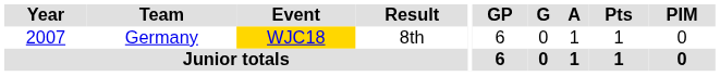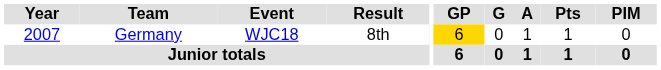 <table border="0" cellpadding="1" cellspacing="0" ID="Table3" style="text-align:center; width:40em">
 <tr ALIGN="center" bgcolor="#e0e0e0">
 <th>Year</th>
 <th>Team</th>
 <th>Event</th>
 <th>Result</th>
 <th rowspan="99" bgcolor="#ffffff"></th>
 <th>GP</th>
 <th>G</th>
 <th>A</th>
 <th>Pts</th>
 <th>PIM</th>
 </tr>
 <tr ALIGN="center">
 <td><a href='#'>2007</a></td>
 <td><a href='#'>Germany</a></td>
-<td style="background: gold;"><a href='#'>WJC18</a></td>
+<td><a href='#'>WJC18</a></td>
 <td>8th</td>
-<td>6</td>
+<td style="background: gold;">6</td>
 <td>0</td>
 <td>1</td>
 <td>1</td>
 <td>0</td>
 </tr>
 <tr bgcolor="#e0e0e0">
 <th colspan="4">Junior totals</th>
 <th>6</th>
 <th>0</th>
 <th>1</th>
 <th>1</th>
 <th>0</th>
 </tr>
 </table>
